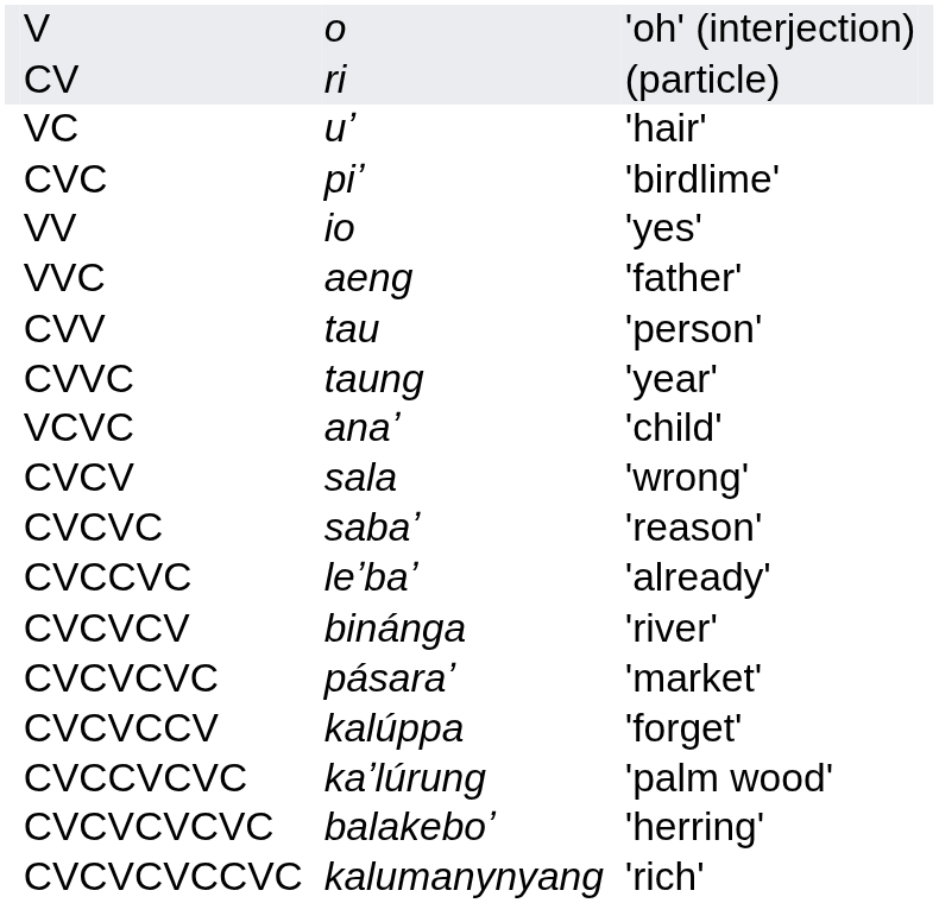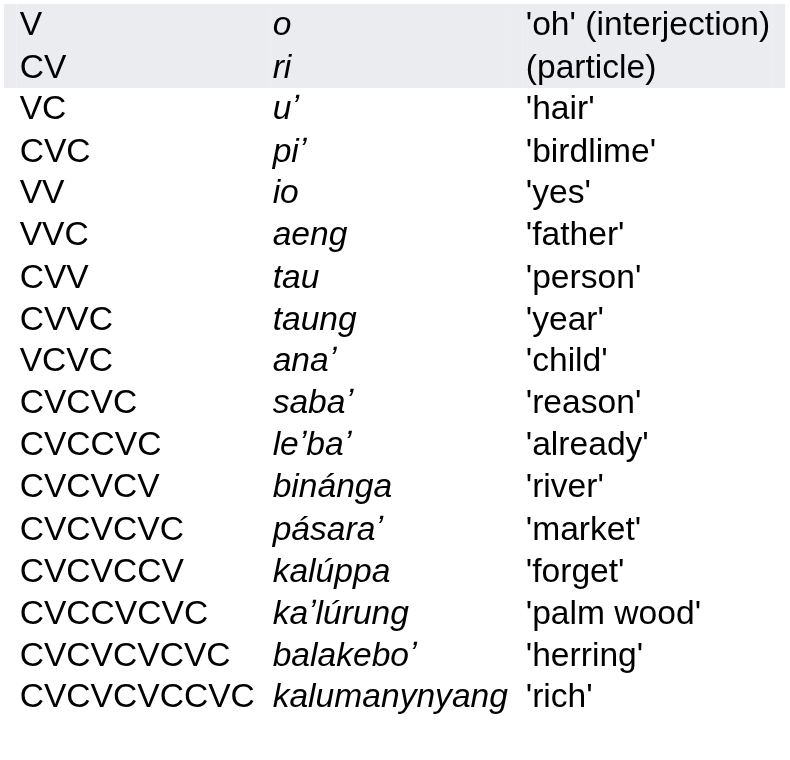 <table class="floatright" style="border-spacing:0px">
 <tr>
 <td style="background:#eaecf0;"></td>
 <td style="background:#eaecf0;">V</td>
 <td style="background:#eaecf0;"></td>
 <td style="background:#eaecf0;"><em>o</em></td>
 <td style="background:#eaecf0;"></td>
 <td style="background:#eaecf0;">'oh' (interjection)</td>
 <td style="background:#eaecf0;"></td>
 </tr>
 <tr>
 <td style="background:#eaecf0;"></td>
 <td style="background:#eaecf0;">CV</td>
 <td style="background:#eaecf0;"></td>
 <td style="background:#eaecf0;"><em>ri</em></td>
 <td style="background:#eaecf0;"></td>
 <td style="background:#eaecf0;"> (particle)</td>
 <td style="background:#eaecf0;"></td>
 </tr>
 <tr>
 <td></td>
 <td>VC</td>
 <td></td>
 <td><em>uʼ</em></td>
 <td></td>
 <td>'hair'</td>
 <td></td>
 </tr>
 <tr>
 <td></td>
 <td>CVC</td>
 <td></td>
 <td><em>piʼ</em></td>
 <td></td>
 <td>'birdlime'</td>
 <td></td>
 </tr>
 <tr>
 <td></td>
 <td>VV</td>
 <td></td>
 <td><em>io</em></td>
 <td></td>
 <td>'yes'</td>
 <td></td>
 </tr>
 <tr>
 <td></td>
 <td>VVC</td>
 <td></td>
 <td><em>aeng</em></td>
 <td></td>
 <td>'father'</td>
 <td></td>
 </tr>
 <tr>
 <td></td>
 <td>CVV</td>
 <td></td>
 <td><em>tau</em></td>
 <td></td>
 <td>'person'</td>
 <td></td>
 </tr>
 <tr>
 <td></td>
 <td>CVVC</td>
 <td></td>
 <td><em>taung</em></td>
 <td></td>
 <td>'year'</td>
 <td></td>
 </tr>
 <tr>
 <td></td>
 <td>VCVC</td>
 <td></td>
 <td><em>anaʼ</em></td>
 <td></td>
 <td>'child'</td>
 <td></td>
 </tr>
 <tr>
 <td></td>
-<td>CVCV</td>
-<td></td>
-<td><em>sala</em></td>
-<td></td>
-<td>'wrong'</td>
-<td></td>
-</tr>
-<tr>
-<td></td>
 <td>CVCVC</td>
 <td></td>
 <td><em>sabaʼ</em></td>
 <td></td>
 <td>'reason'</td>
 <td></td>
 </tr>
 <tr>
 <td></td>
 <td>CVCCVC</td>
 <td></td>
 <td><em>leʼbaʼ</em></td>
 <td></td>
 <td>'already'</td>
 <td></td>
 </tr>
 <tr>
 <td></td>
 <td>CVCVCV</td>
 <td></td>
 <td><em>binánga</em></td>
 <td></td>
 <td>'river'</td>
 <td></td>
 </tr>
 <tr>
 <td></td>
 <td>CVCVCVC</td>
 <td></td>
 <td><em>pásaraʼ</em></td>
 <td></td>
 <td>'market'</td>
 <td></td>
 </tr>
 <tr>
 <td></td>
 <td>CVCVCCV</td>
 <td></td>
 <td><em>kalúppa</em></td>
 <td></td>
 <td>'forget'</td>
 <td></td>
 </tr>
 <tr>
 <td></td>
 <td>CVCCVCVC</td>
 <td></td>
 <td><em>kaʼlúrung</em></td>
 <td></td>
 <td>'palm wood'</td>
 <td></td>
 </tr>
 <tr>
 <td></td>
 <td>CVCVCVCVC</td>
 <td></td>
 <td><em>balakeboʼ</em></td>
 <td></td>
 <td>'herring'</td>
 <td></td>
 </tr>
 <tr>
 <td> </td>
 <td>CVCVCVCCVC</td>
 <td> </td>
 <td><em>kalumanynyang</em></td>
 <td> </td>
 <td>'rich'</td>
 <td> </td>
 </tr>
 <tr>
 </tr>
 <tr>
 <td colspan= 7></td>
 </tr>
 </table>
